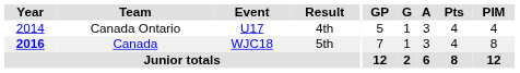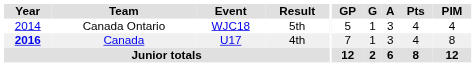 <table border="0" cellpadding="1" cellspacing="0" ID="Table3" style="text-align:center; width:40em;">
 <tr bgcolor="#e0e0e0">
 <th>Year</th>
 <th>Team</th>
 <th>Event</th>
 <th>Result</th>
 <th rowspan="99" bgcolor="#ffffff"></th>
 <th>GP</th>
 <th>G</th>
 <th>A</th>
 <th>Pts</th>
 <th>PIM</th>
 </tr>
 <tr>
 <td><a href='#'>2014</a></td>
 <td>Canada Ontario</td>
-<td><a href='#'>U17</a></td>
-<td>4th</td>
+<td><a href='#'>WJC18</a></td>
+<td>5th</td>
 <td>5</td>
 <td>1</td>
 <td>3</td>
 <td>4</td>
 <td>4</td>
 </tr>
 <tr bgcolor="#f0f0f0">
 <td><strong><a href='#'>2016</a></strong></td>
 <td><a href='#'>Canada</a></td>
-<td><a href='#'>WJC18</a></td>
-<td>5th</td>
+<td><a href='#'>U17</a></td>
+<td>4th</td>
 <td>7</td>
 <td>1</td>
 <td>3</td>
 <td>4</td>
 <td>8</td>
 </tr>
 <tr bgcolor="#e0e0e0">
 <th colspan="4">Junior totals</th>
 <th>12</th>
 <th>2</th>
 <th>6</th>
 <th>8</th>
 <th>12</th>
 </tr>
 </table>
